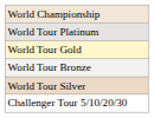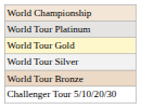 <table class=wikitable style=font-size:89%;width:15%>
 <tr style="background:#F3E6D7;">
 <td>World Championship</td>
 </tr>
 <tr style="background:#E5E4E2;">
 <td>World Tour Platinum</td>
 </tr>
 <tr style="background:#fff7cc;">
 <td>World Tour Gold</td>
 </tr>
 <tr style="background:#f2f2f2;">
-<td>World Tour Bronze</td>
+<td>World Tour Silver</td>
 </tr>
 <tr style="background:#ecd9c6;">
-<td>World Tour Silver</td>
+<td>World Tour Bronze</td>
 </tr>
 <tr style="background:#fff;">
 <td>Challenger Tour 5/10/20/30</td>
 </tr>
 </table>
